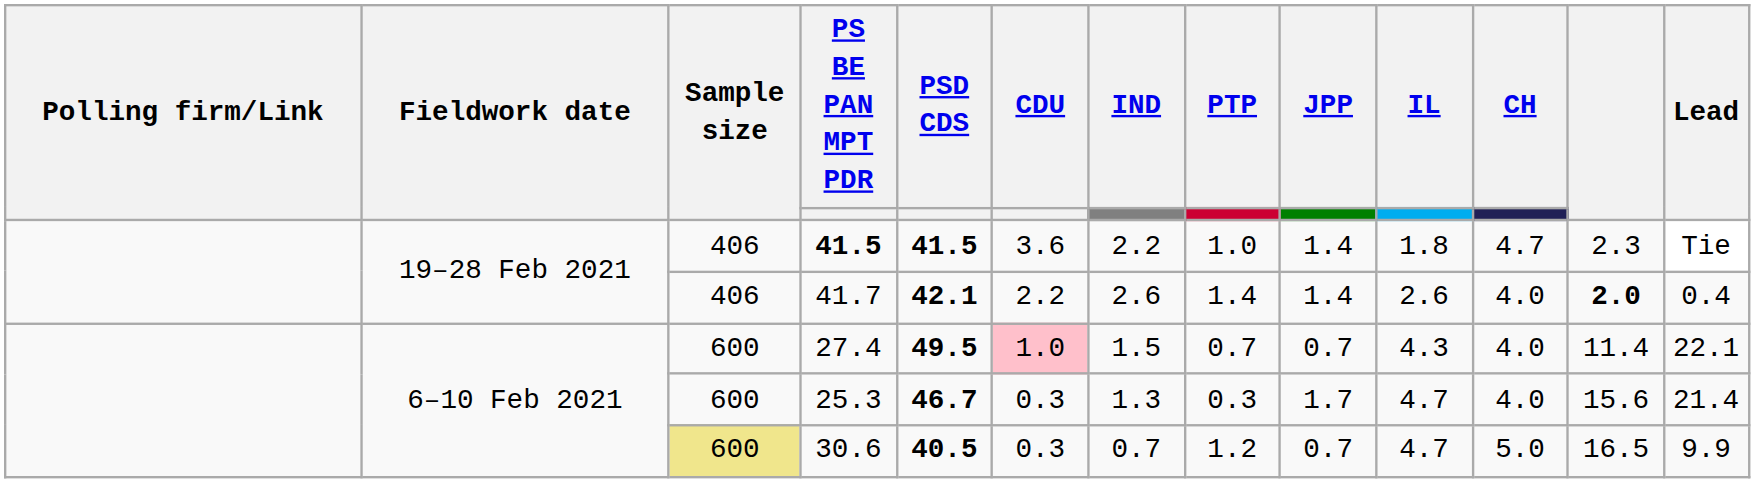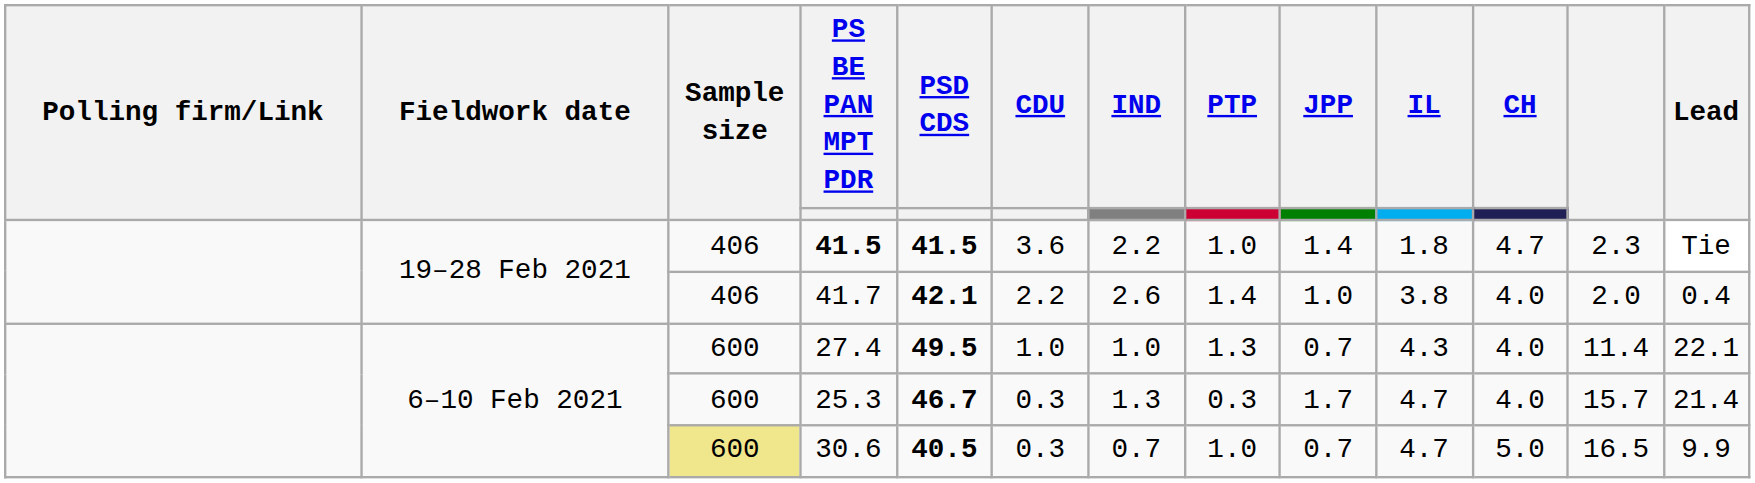 <table class="wikitable sortable mw-datatable" style="text-align:center;font-size:90%;line-height:16px;">
 <tr style="height:42px;">
 <th style="width:145px;" rowspan="2">Polling firm/Link</th>
 <th style="width:125px;" rowspan="2">Fieldwork date</th>
 <th class="unsortable" style="width:50px;" rowspan="2">Sample size</th>
 <th class="unsortable" style="width:35px;"><a href='#'>PS</a><br><a href='#'>BE</a><br><a href='#'>PAN</a><br><a href='#'>MPT</a><br><a href='#'>PDR</a></th>
 <th class="unsortable" style="width:35px;"><a href='#'>PSD</a><br><a href='#'>CDS</a></th>
 <th class="unsortable" style="width:35px;"><a href='#'>CDU</a></th>
 <th class="unsortable" style="width:35px;"><a href='#'>IND</a></th>
 <th class="unsortable" style="width:35px;"><a href='#'>PTP</a></th>
 <th class="unsortable" style="width:35px;"><a href='#'>JPP</a></th>
 <th class="unsortable" style="width:35px;"><a href='#'>IL</a></th>
 <th class="unsortable" style="width:35px;"><a href='#'>CH</a></th>
 <th class="unsortable" style="width:35px;" rowspan="2"></th>
 <th class="unsortable" style="width:30px;" rowspan="2">Lead</th>
 </tr>
 <tr>
 <th class="unsortable" style="color:inherit;background:"></th>
 <th class="unsortable" style="color:inherit;background:"></th>
 <th class="unsortable" style="color:inherit;background:"></th>
 <th class="unsortable" style="color:inherit;background:gray;"></th>
 <th class="unsortable" style="color:inherit;background:#CC0033;"></th>
 <th class="unsortable" style="color:inherit;background:green;"></th>
 <th class="sortable" style="background:#00ADEF;"></th>
 <th class="unsortable" style="color:inherit;background:#202056;"></th>
 </tr>
 <tr>
 <td rowspan="2" align="center"></td>
 <td rowspan="2" align="center">19–28 Feb 2021</td>
 <td>406</td>
 <td align="center" ><strong>41.5</strong></td>
 <td align="center" ><strong>41.5</strong></td>
 <td align="center">3.6</td>
 <td align="center">2.2</td>
 <td align="center">1.0</td>
 <td align="center">1.4</td>
 <td align="center">1.8</td>
 <td align="center">4.7</td>
 <td align="center">2.3</td>
 <td style="background:white; color:black;">Tie</td>
 </tr>
 <tr>
 <td>406</td>
 <td align="center">41.7</td>
 <td align="center" ><strong>42.1</strong></td>
 <td align="center">2.2</td>
 <td align="center">2.6</td>
 <td align="center">1.4</td>
-<td align="center">1.4</td>
-<td align="center">2.6</td>
+<td align="center">1.0</td>
+<td align="center">3.8</td>
 <td align="center">4.0</td>
-<td align="center"><strong>2.0</strong></td>
+<td align="center">2.0</td>
 <td style="background:">0.4</td>
 </tr>
 <tr>
 <td rowspan="3" align="center"></td>
 <td rowspan="3" align="center">6–10 Feb 2021</td>
 <td>600</td>
 <td align="center">27.4</td>
 <td align="center" ><strong>49.5</strong></td>
-<td align="center" style="background: pink;">1.0</td>
-<td align="center">1.5</td>
-<td align="center">0.7</td>
+<td align="center">1.0</td>
+<td align="center">1.0</td>
+<td align="center">1.3</td>
 <td align="center">0.7</td>
 <td align="center">4.3</td>
 <td align="center">4.0</td>
 <td align="center">11.4</td>
 <td style="background:">22.1</td>
 </tr>
 <tr>
 <td>600</td>
 <td align="center">25.3</td>
 <td align="center" ><strong>46.7</strong></td>
 <td align="center">0.3</td>
 <td align="center">1.3</td>
 <td align="center">0.3</td>
 <td align="center">1.7</td>
 <td align="center">4.7</td>
 <td align="center">4.0</td>
-<td align="center">15.6</td>
+<td align="center">15.7</td>
 <td style="background:">21.4</td>
 </tr>
 <tr>
 <td style="background: khaki;">600</td>
 <td align="center">30.6</td>
 <td align="center" ><strong>40.5</strong></td>
 <td align="center">0.3</td>
 <td align="center">0.7</td>
-<td align="center">1.2</td>
+<td align="center">1.0</td>
 <td align="center">0.7</td>
 <td align="center">4.7</td>
 <td align="center">5.0</td>
 <td align="center">16.5</td>
 <td style="background:">9.9</td>
 </tr>
 </table>
